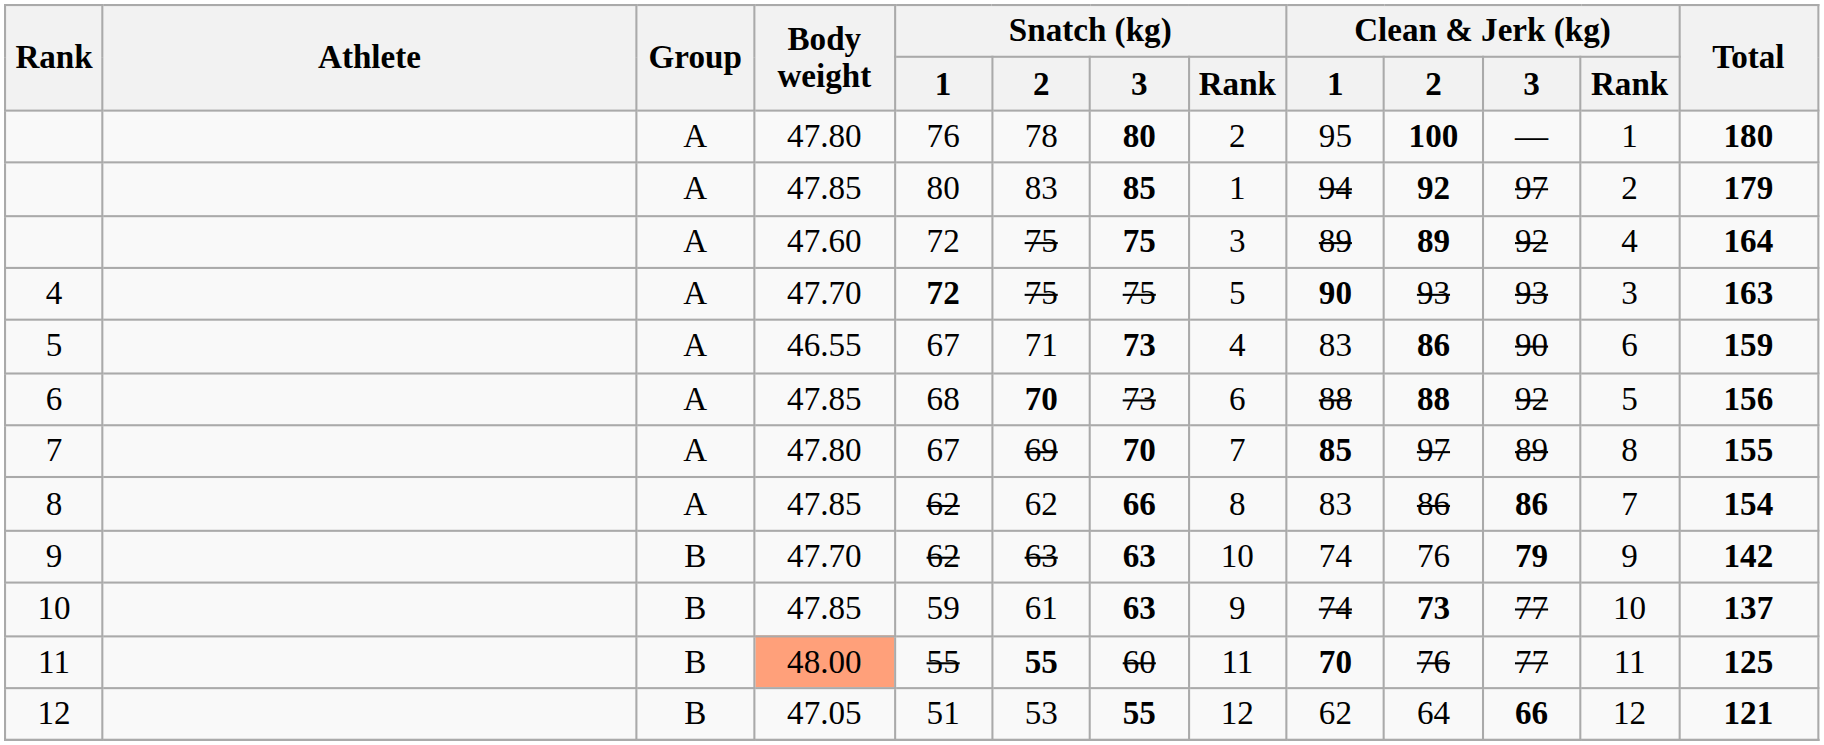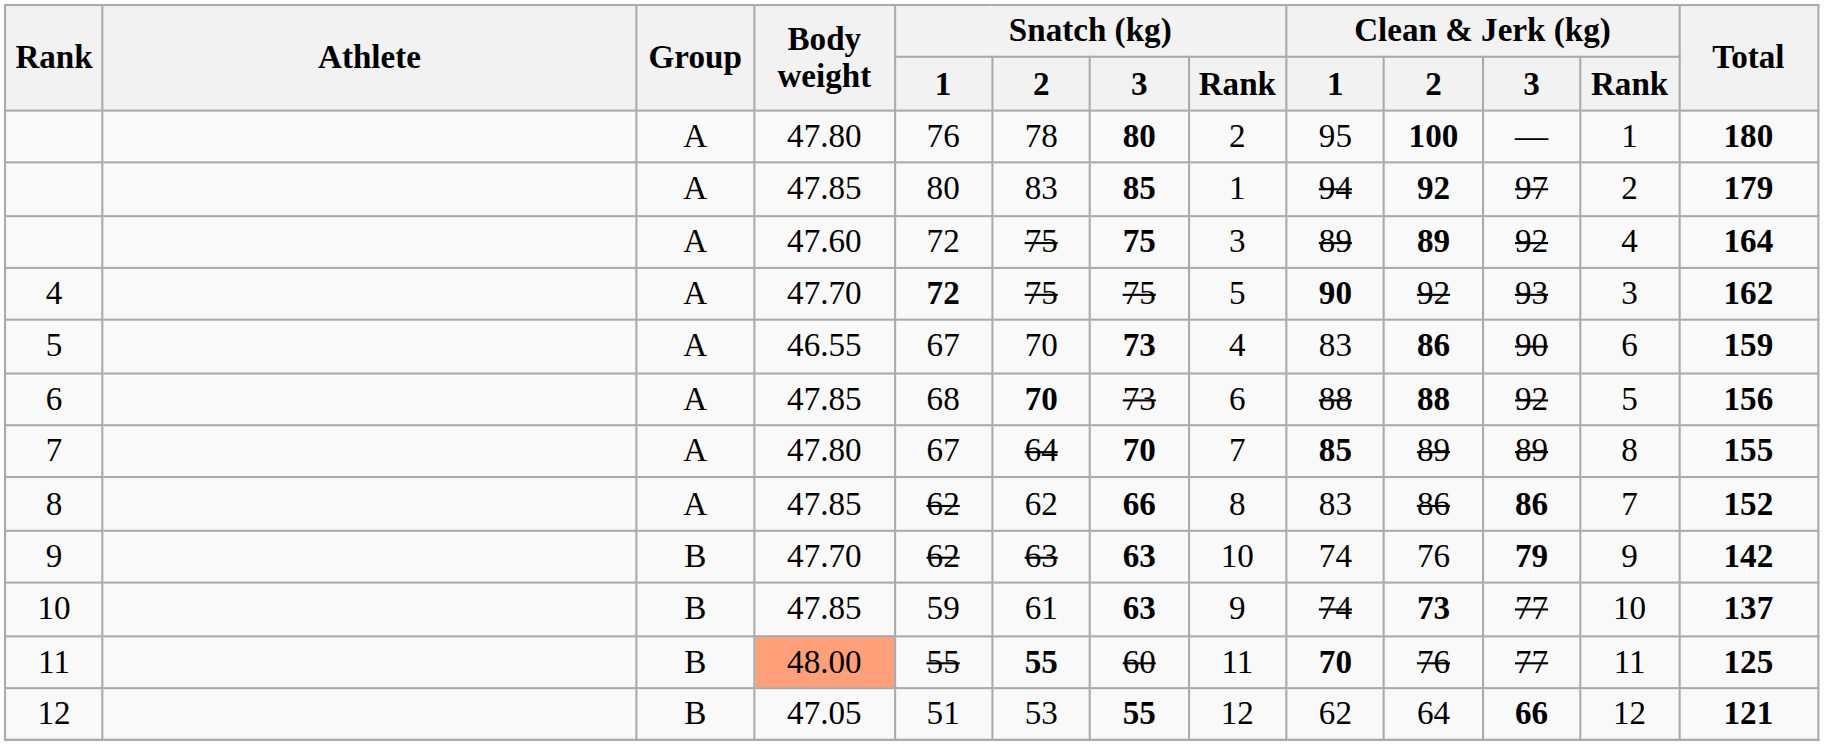 <table class = "wikitable" style="text-align:center;">
 <tr>
 <th rowspan=2 width=40>Rank</th>
 <th rowspan=2 width=250>Athlete</th>
 <th rowspan=2 width=50>Group</th>
 <th rowspan=2 width=60>Body weight</th>
 <th colspan=4>Snatch (kg)</th>
 <th colspan=4>Clean & Jerk (kg)</th>
 <th rowspan=2 width=60>Total</th>
 </tr>
 <tr>
 <th width=40>1</th>
 <th width=40>2</th>
 <th width=40>3</th>
 <th width=40>Rank</th>
 <th width=40>1</th>
 <th width=40>2</th>
 <th width=40>3</th>
 <th width=40>Rank</th>
 </tr>
 <tr>
 <td></td>
 <td align=left></td>
 <td>A</td>
 <td>47.80</td>
 <td>76</td>
 <td>78</td>
 <td><strong>80</strong></td>
 <td>2</td>
 <td>95</td>
 <td><strong>100</strong></td>
 <td>—</td>
 <td>1</td>
 <td><strong>180</strong></td>
 </tr>
 <tr>
 <td></td>
 <td align=left></td>
 <td>A</td>
 <td>47.85</td>
 <td>80</td>
 <td>83</td>
 <td><strong>85</strong></td>
 <td>1</td>
 <td><s>94</s></td>
 <td><strong>92</strong></td>
 <td><s>97</s></td>
 <td>2</td>
 <td><strong>179</strong></td>
 </tr>
 <tr>
 <td></td>
 <td align=left></td>
 <td>A</td>
 <td>47.60</td>
 <td>72</td>
 <td><s>75</s></td>
 <td><strong>75</strong></td>
 <td>3</td>
 <td><s>89</s></td>
 <td><strong>89</strong></td>
 <td><s>92</s></td>
 <td>4</td>
 <td><strong>164</strong></td>
 </tr>
 <tr>
 <td>4</td>
 <td align=left></td>
 <td>A</td>
 <td>47.70</td>
 <td><strong>72</strong></td>
 <td><s>75</s></td>
 <td><s>75</s></td>
 <td>5</td>
 <td><strong>90</strong></td>
-<td><s>93</s></td>
+<td><s>92</s></td>
 <td><s>93</s></td>
 <td>3</td>
-<td><strong>163</strong></td>
+<td><strong>162</strong></td>
 </tr>
 <tr>
 <td>5</td>
 <td align=left></td>
 <td>A</td>
 <td>46.55</td>
 <td>67</td>
-<td>71</td>
+<td>70</td>
 <td><strong>73</strong></td>
 <td>4</td>
 <td>83</td>
 <td><strong>86</strong></td>
 <td><s>90</s></td>
 <td>6</td>
 <td><strong>159</strong></td>
 </tr>
 <tr>
 <td>6</td>
 <td align=left></td>
 <td>A</td>
 <td>47.85</td>
 <td>68</td>
 <td><strong>70</strong></td>
 <td><s>73</s></td>
 <td>6</td>
 <td><s>88</s></td>
 <td><strong>88</strong></td>
 <td><s>92</s></td>
 <td>5</td>
 <td><strong>156</strong></td>
 </tr>
 <tr>
 <td>7</td>
 <td align=left></td>
 <td>A</td>
 <td>47.80</td>
 <td>67</td>
-<td><s>69</s></td>
+<td><s>64</s></td>
 <td><strong>70</strong></td>
 <td>7</td>
 <td><strong>85</strong></td>
-<td><s>97</s></td>
+<td><s>89</s></td>
 <td><s>89</s></td>
 <td>8</td>
 <td><strong>155</strong></td>
 </tr>
 <tr>
 <td>8</td>
 <td align=left></td>
 <td>A</td>
 <td>47.85</td>
 <td><s>62</s></td>
 <td>62</td>
 <td><strong>66</strong></td>
 <td>8</td>
 <td>83</td>
 <td><s>86</s></td>
 <td><strong>86</strong></td>
 <td>7</td>
-<td><strong>154</strong></td>
+<td><strong>152</strong></td>
 </tr>
 <tr>
 <td>9</td>
 <td align=left></td>
 <td>B</td>
 <td>47.70</td>
 <td><s>62</s></td>
 <td><s>63</s></td>
 <td><strong>63</strong></td>
 <td>10</td>
 <td>74</td>
 <td>76</td>
 <td><strong>79</strong></td>
 <td>9</td>
 <td><strong>142</strong></td>
 </tr>
 <tr>
 <td>10</td>
 <td align=left></td>
 <td>B</td>
 <td>47.85</td>
 <td>59</td>
 <td>61</td>
 <td><strong>63</strong></td>
 <td>9</td>
 <td><s>74</s></td>
 <td><strong>73</strong></td>
 <td><s>77</s></td>
 <td>10</td>
 <td><strong>137</strong></td>
 </tr>
 <tr>
 <td>11</td>
 <td align=left></td>
 <td>B</td>
 <td style="background: lightsalmon;">48.00</td>
 <td><s>55</s></td>
 <td><strong>55</strong></td>
 <td><s>60</s></td>
 <td>11</td>
 <td><strong>70</strong></td>
 <td><s>76</s></td>
 <td><s>77</s></td>
 <td>11</td>
 <td><strong>125</strong></td>
 </tr>
 <tr>
 <td>12</td>
 <td align=left></td>
 <td>B</td>
 <td>47.05</td>
 <td>51</td>
 <td>53</td>
 <td><strong>55</strong></td>
 <td>12</td>
 <td>62</td>
 <td>64</td>
 <td><strong>66</strong></td>
 <td>12</td>
 <td><strong>121</strong></td>
 </tr>
 <tr>
 </tr>
 </table>
